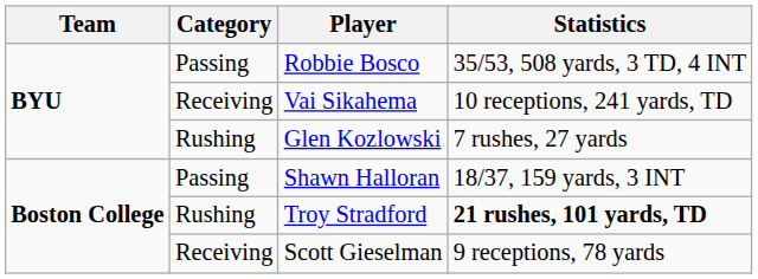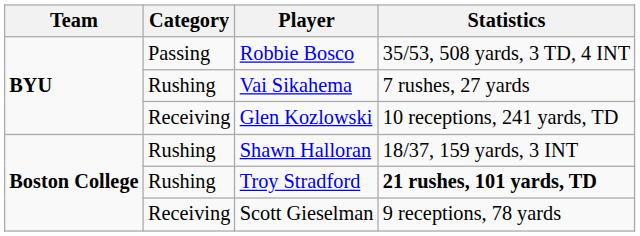 <table class="wikitable" style="float: left;">
 <tr>
 <th>Team</th>
 <th>Category</th>
 <th>Player</th>
 <th>Statistics</th>
 </tr>
 <tr>
 <td rowspan=3><strong>BYU</strong></td>
 <td>Passing</td>
 <td><a href='#'>Robbie Bosco</a></td>
 <td>35/53, 508 yards, 3 TD, 4 INT</td>
 </tr>
 <tr>
+<td>Rushing</td>
+<td><a href='#'>Vai Sikahema</a></td>
+<td>7 rushes, 27 yards</td>
+</tr>
+<tr>
 <td>Receiving</td>
-<td><a href='#'>Vai Sikahema</a></td>
+<td><a href='#'>Glen Kozlowski</a></td>
 <td>10 receptions, 241 yards, TD</td>
 </tr>
 <tr>
+<td rowspan=3><strong>Boston College</strong></td>
 <td>Rushing</td>
-<td><a href='#'>Glen Kozlowski</a></td>
-<td>7 rushes, 27 yards</td>
-</tr>
-<tr>
-<td rowspan=3><strong>Boston College</strong></td>
-<td>Passing</td>
 <td><a href='#'>Shawn Halloran</a></td>
 <td>18/37, 159 yards, 3 INT</td>
 </tr>
 <tr>
 <td>Rushing</td>
 <td><a href='#'>Troy Stradford</a></td>
 <td><strong>21 rushes, 101 yards, TD</strong></td>
 </tr>
 <tr>
 <td>Receiving</td>
 <td>Scott Gieselman</td>
 <td>9 receptions, 78 yards</td>
 </tr>
 </table>
